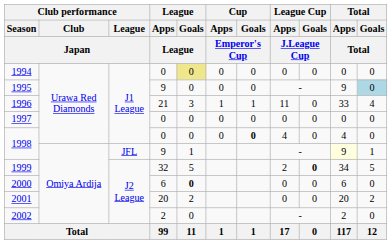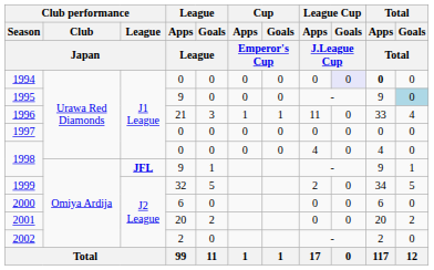 <table class="wikitable" style="text-align:center;">
 <tr>
 <th colspan=3>Club performance</th>
 <th colspan=2>League</th>
 <th colspan=2>Cup</th>
 <th colspan=2>League Cup</th>
 <th colspan=2>Total</th>
 </tr>
 <tr>
 <th>Season</th>
 <th>Club</th>
 <th>League</th>
 <th>Apps</th>
 <th>Goals</th>
 <th>Apps</th>
 <th>Goals</th>
 <th>Apps</th>
 <th>Goals</th>
 <th>Apps</th>
 <th>Goals</th>
 </tr>
 <tr>
 <th colspan=3>Japan</th>
 <th colspan=2>League</th>
 <th colspan=2><a href='#'>Emperor's Cup</a></th>
 <th colspan=2><a href='#'>J.League Cup</a></th>
 <th colspan=2>Total</th>
 </tr>
 <tr>
 <td><a href='#'>1994</a></td>
 <td rowspan="5"><a href='#'>Urawa Red Diamonds</a></td>
 <td rowspan="5"><a href='#'>J1 League</a></td>
 <td>0</td>
-<td style="background: khaki;">0</td>
 <td>0</td>
 <td>0</td>
 <td>0</td>
 <td>0</td>
-<td>0</td>
+<td style="background: lavender;">0</td>
+<td><strong>0</strong></td>
 <td>0</td>
 </tr>
 <tr>
 <td><a href='#'>1995</a></td>
 <td>9</td>
 <td>0</td>
 <td>0</td>
 <td>0</td>
 <td colspan="2">-</td>
 <td>9</td>
 <td style="background: lightblue;">0</td>
 </tr>
 <tr>
 <td><a href='#'>1996</a></td>
 <td>21</td>
 <td>3</td>
 <td>1</td>
 <td>1</td>
 <td>11</td>
 <td>0</td>
 <td>33</td>
 <td>4</td>
 </tr>
 <tr>
 <td><a href='#'>1997</a></td>
 <td>0</td>
 <td>0</td>
 <td>0</td>
 <td>0</td>
 <td>0</td>
 <td>0</td>
 <td>0</td>
 <td>0</td>
 </tr>
 <tr>
 <td rowspan="2"><a href='#'>1998</a></td>
 <td>0</td>
 <td>0</td>
 <td>0</td>
-<td><strong>0</strong></td>
+<td>0</td>
 <td>4</td>
 <td>0</td>
 <td>4</td>
 <td>0</td>
 </tr>
 <tr>
 <td rowspan="5"><a href='#'>Omiya Ardija</a></td>
-<td><a href='#'>JFL</a></td>
+<td><strong><a href='#'>JFL</a></strong></td>
 <td>9</td>
 <td>1</td>
 <td></td>
 <td></td>
 <td colspan="2">-</td>
-<td style="background: lightyellow;">9</td>
+<td>9</td>
 <td>1</td>
 </tr>
 <tr>
 <td><a href='#'>1999</a></td>
 <td rowspan="4"><a href='#'>J2 League</a></td>
 <td>32</td>
 <td>5</td>
 <td></td>
 <td></td>
 <td>2</td>
-<td><strong>0</strong></td>
+<td>0</td>
 <td>34</td>
 <td>5</td>
 </tr>
 <tr>
 <td><a href='#'>2000</a></td>
 <td>6</td>
-<td><strong>0</strong></td>
+<td>0</td>
 <td></td>
 <td></td>
 <td>0</td>
 <td>0</td>
 <td>6</td>
 <td>0</td>
 </tr>
 <tr>
 <td><a href='#'>2001</a></td>
 <td>20</td>
 <td>2</td>
 <td></td>
 <td></td>
 <td>0</td>
 <td>0</td>
 <td>20</td>
 <td>2</td>
 </tr>
 <tr>
 <td><a href='#'>2002</a></td>
 <td>2</td>
 <td>0</td>
 <td></td>
 <td></td>
 <td colspan="2">-</td>
 <td>2</td>
 <td>0</td>
 </tr>
 <tr>
 <th colspan=3>Total</th>
 <th>99</th>
 <th>11</th>
 <th>1</th>
 <th>1</th>
 <th>17</th>
 <th>0</th>
 <th>117</th>
 <th>12</th>
 </tr>
 </table>
